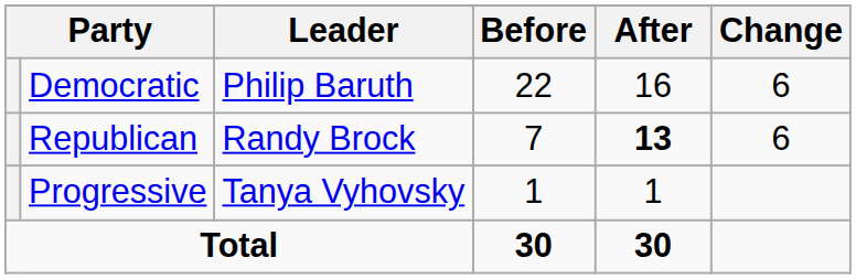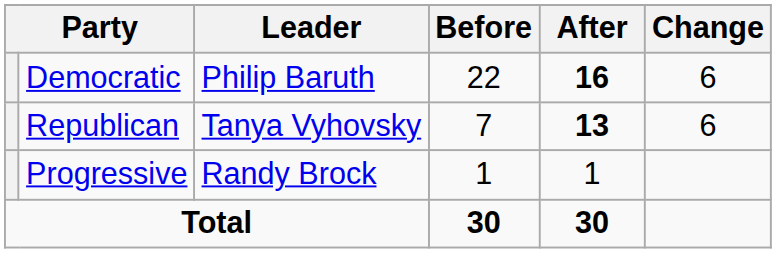 <table class="wikitable" style="text-align:center;">
 <tr>
 </tr>
 <tr>
 <th colspan="2">Party</th>
 <th>Leader</th>
 <th style="width:3em">Before</th>
 <th style="width:3em">After</th>
 <th style="width:3em">Change</th>
 </tr>
 <tr>
 <th style="background-color:"></th>
 <td style="text-align:left;"><a href='#'>Democratic</a></td>
 <td style="text-align:left;"><a href='#'>Philip Baruth</a></td>
 <td>22</td>
-<td>16</td>
+<td><strong>16</strong></td>
 <td> 6</td>
 </tr>
 <tr>
 <th style="background-color:"></th>
 <td style="text-align:left;"><a href='#'>Republican</a></td>
-<td style="text-align:left;"><a href='#'>Randy Brock</a></td>
+<td style="text-align:left;"><a href='#'>Tanya Vyhovsky</a></td>
 <td>7</td>
 <td><strong>13</strong></td>
 <td> 6</td>
 </tr>
 <tr>
 <th style="background-color:"></th>
 <td style="text-align:left;"><a href='#'>Progressive</a></td>
-<td style="text-align:left;"><a href='#'>Tanya Vyhovsky</a></td>
+<td style="text-align:left;"><a href='#'>Randy Brock</a></td>
 <td>1</td>
 <td>1</td>
 <td></td>
 </tr>
 <tr>
 <td colspan="3"><strong>Total</strong></td>
 <td><strong>30</strong></td>
 <td><strong>30</strong></td>
 <td></td>
 </tr>
 </table>
